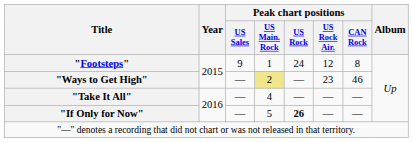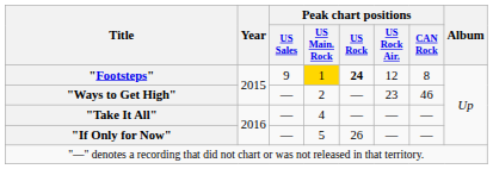 <table class="wikitable plainrowheaders" style="text-align:center;">
 <tr>
 <th scope="col" rowspan="2" style="width:18em;">Title</th>
 <th scope="col" rowspan="2">Year</th>
 <th scope="col" colspan="5">Peak chart positions</th>
 <th scope="col" rowspan="2">Album</th>
 </tr>
 <tr>
 <th scope="col" style="width:3em;font-size:80%;"><a href='#'>US<br>Sales</a><br></th>
 <th scope="col" style="width:3em;font-size:80%;"><a href='#'>US<br>Main.<br>Rock</a><br></th>
 <th scope="col" style="width:3em;font-size:80%;"><a href='#'>US<br>Rock</a><br></th>
 <th scope="col" style="width:3em;font-size:80%;"><a href='#'>US<br>Rock<br>Air.</a><br></th>
 <th scope="col" style="width:3em;font-size:80%;"><a href='#'>CAN<br>Rock</a><br></th>
 </tr>
 <tr>
 <th scope="row">"<a href='#'>Footsteps</a>"</th>
 <td rowspan="2">2015</td>
 <td>9</td>
-<td>1</td>
-<td>24</td>
+<td style="background: gold;">1</td>
+<td><strong>24</strong></td>
 <td>12</td>
 <td>8</td>
 <td rowspan="4"><em>Up</em></td>
 </tr>
 <tr>
 <th scope="row">"Ways to Get High"</th>
 <td>—</td>
-<td style="background: khaki;">2</td>
+<td>2</td>
 <td>—</td>
 <td>23</td>
 <td>46</td>
 </tr>
 <tr>
 <th scope="row">"Take It All"</th>
 <td rowspan="2">2016</td>
 <td>—</td>
 <td>4</td>
 <td>—</td>
 <td>—</td>
 <td>—</td>
 </tr>
 <tr>
 <th scope="row">"If Only for Now"</th>
 <td>—</td>
 <td>5</td>
-<td><strong>26</strong></td>
+<td>26</td>
 <td>—</td>
 <td>—</td>
 </tr>
 <tr>
 <td colspan="9" style="font-size:90%">"—" denotes a recording that did not chart or was not released in that territory.</td>
 </tr>
 </table>
